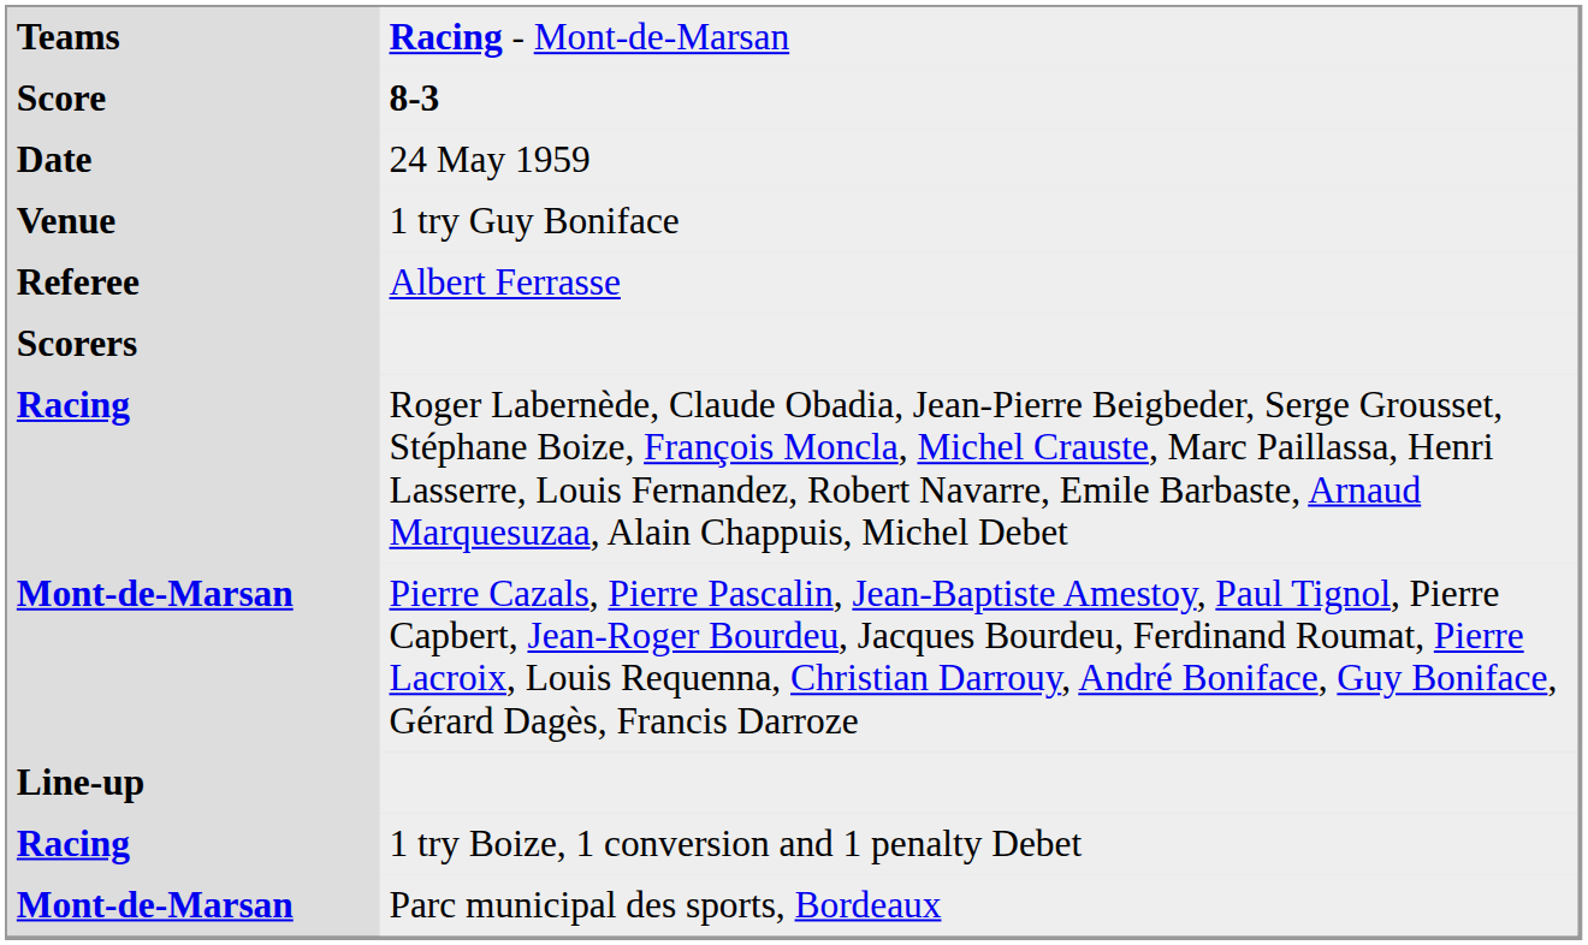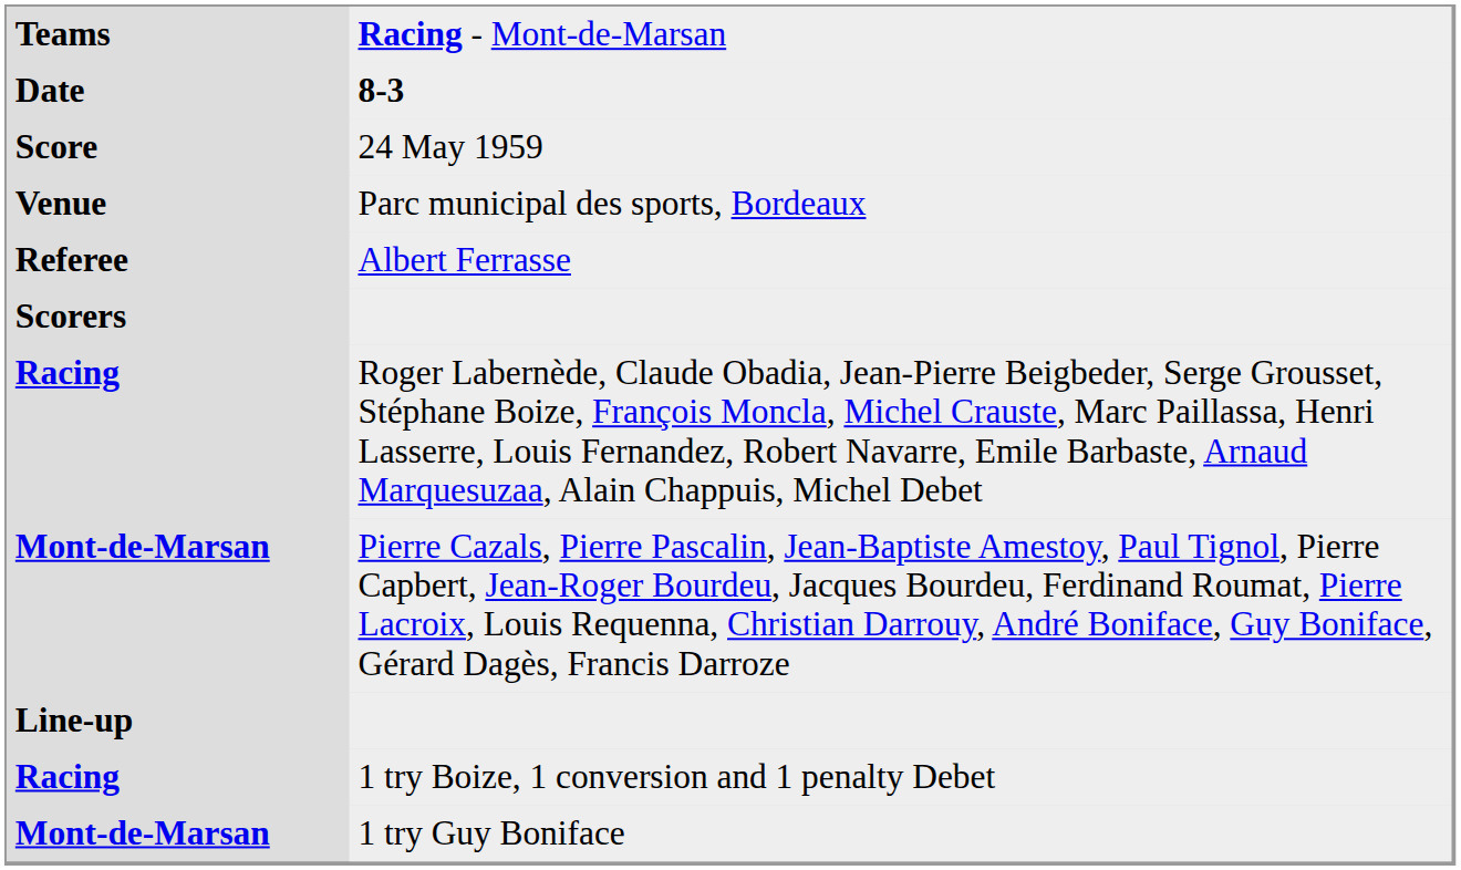 <table align="left" cellpadding="4" cellspacing="0"  style="margin: 0 0 0 0; border: 1px solid #999; border-right-width: 2px; border-bottom-width: 2px; background-color: #DDDDDD">
 <tr>
 <td width="150" valign="top"><strong>Teams</strong></td>
 <td width="500" bgcolor=#EEEEEE><strong><a href='#'>Racing</a></strong> - <a href='#'>Mont-de-Marsan</a></td>
 </tr>
 <tr>
-<td valign="top"><strong>Score</strong></td>
+<td valign="top"><strong>Date</strong></td>
 <td bgcolor=#EEEEEE><strong>8-3</strong></td>
 </tr>
 <tr>
-<td valign="top"><strong>Date</strong></td>
+<td valign="top"><strong>Score</strong></td>
 <td bgcolor=#EEEEEE>24 May 1959</td>
 </tr>
 <tr>
 <td valign="top"><strong>Venue</strong></td>
-<td bgcolor=#EEEEEE>1 try Guy Boniface</td>
+<td bgcolor=#EEEEEE>Parc municipal des sports, <a href='#'>Bordeaux</a></td>
 </tr>
 <tr>
 <td valign="top"><strong>Referee</strong></td>
 <td bgcolor=#EEEEEE><a href='#'>Albert Ferrasse</a></td>
 </tr>
 <tr>
 <td valign="top"><strong>Scorers</strong></td>
 <td bgcolor=#EEEEEE></td>
 </tr>
 <tr>
 <td valign="top"><strong> <a href='#'>Racing</a> </strong></td>
 <td bgcolor=#EEEEEE>Roger Labernède, Claude Obadia, Jean-Pierre Beigbeder, Serge Grousset, Stéphane Boize, <a href='#'>François Moncla</a>, <a href='#'>Michel Crauste</a>, Marc Paillassa, Henri Lasserre, Louis Fernandez, Robert Navarre, Emile Barbaste, <a href='#'>Arnaud Marquesuzaa</a>, Alain Chappuis, Michel Debet</td>
 </tr>
 <tr>
 <td valign="top"><strong><a href='#'>Mont-de-Marsan</a></strong></td>
 <td bgcolor=#EEEEEE><a href='#'>Pierre Cazals</a>, <a href='#'>Pierre Pascalin</a>, <a href='#'>Jean-Baptiste Amestoy</a>, <a href='#'>Paul Tignol</a>, Pierre Capbert, <a href='#'>Jean-Roger Bourdeu</a>, Jacques Bourdeu, Ferdinand Roumat, <a href='#'>Pierre Lacroix</a>, Louis Requenna, <a href='#'>Christian Darrouy</a>, <a href='#'>André Boniface</a>, <a href='#'>Guy Boniface</a>, Gérard Dagès, Francis Darroze</td>
 </tr>
 <tr>
 <td valign="top"><strong>Line-up</strong></td>
 <td bgcolor=#EEEEEE></td>
 </tr>
 <tr>
 <td valign="top"><strong><a href='#'>Racing</a>  </strong></td>
 <td bgcolor=#EEEEEE>1 try Boize, 1 conversion and 1 penalty Debet</td>
 </tr>
 <tr>
 <td valign="top"><strong><a href='#'>Mont-de-Marsan</a></strong></td>
-<td bgcolor=#EEEEEE>Parc municipal des sports, <a href='#'>Bordeaux</a></td>
+<td bgcolor=#EEEEEE>1 try Guy Boniface</td>
 </tr>
 </table>
